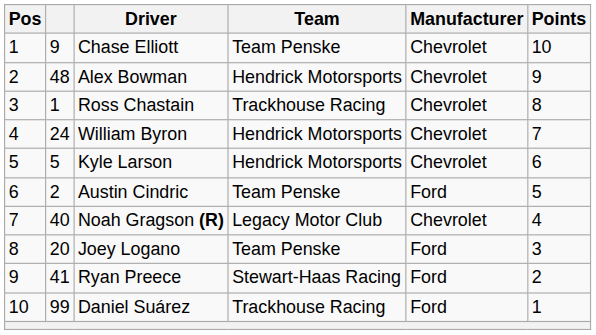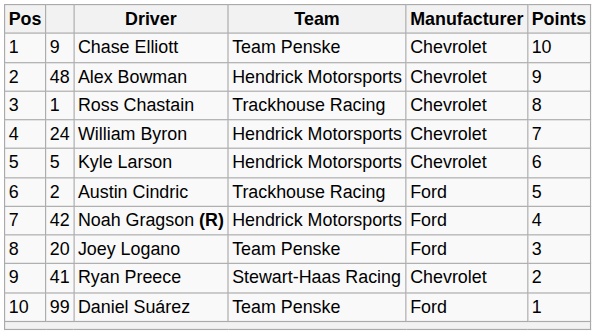 <table class="wikitable" style="font-size:98%">
 <tr>
 <th>Pos</th>
 <th></th>
 <th>Driver</th>
 <th>Team</th>
 <th>Manufacturer</th>
 <th>Points</th>
 </tr>
 <tr>
 <td>1</td>
 <td>9</td>
 <td>Chase Elliott</td>
 <td>Team Penske</td>
 <td>Chevrolet</td>
 <td>10</td>
 </tr>
 <tr>
 <td>2</td>
 <td>48</td>
 <td>Alex Bowman</td>
 <td>Hendrick Motorsports</td>
 <td>Chevrolet</td>
 <td>9</td>
 </tr>
 <tr>
 <td>3</td>
 <td>1</td>
 <td>Ross Chastain</td>
 <td>Trackhouse Racing</td>
 <td>Chevrolet</td>
 <td>8</td>
 </tr>
 <tr>
 <td>4</td>
 <td>24</td>
 <td>William Byron</td>
 <td>Hendrick Motorsports</td>
 <td>Chevrolet</td>
 <td>7</td>
 </tr>
 <tr>
 <td>5</td>
 <td>5</td>
 <td>Kyle Larson</td>
 <td>Hendrick Motorsports</td>
 <td>Chevrolet</td>
 <td>6</td>
 </tr>
 <tr>
 <td>6</td>
 <td>2</td>
 <td>Austin Cindric</td>
-<td>Team Penske</td>
+<td>Trackhouse Racing</td>
 <td>Ford</td>
 <td>5</td>
 </tr>
 <tr>
 <td>7</td>
-<td>40</td>
+<td>42</td>
 <td>Noah Gragson <strong>(R)</strong></td>
-<td>Legacy Motor Club</td>
-<td>Chevrolet</td>
+<td>Hendrick Motorsports</td>
+<td>Ford</td>
 <td>4</td>
 </tr>
 <tr>
 <td>8</td>
 <td>20</td>
 <td>Joey Logano</td>
 <td>Team Penske</td>
 <td>Ford</td>
 <td>3</td>
 </tr>
 <tr>
 <td>9</td>
 <td>41</td>
 <td>Ryan Preece</td>
 <td>Stewart-Haas Racing</td>
-<td>Ford</td>
+<td>Chevrolet</td>
 <td>2</td>
 </tr>
 <tr>
 <td>10</td>
 <td>99</td>
 <td>Daniel Suárez</td>
-<td>Trackhouse Racing</td>
+<td>Team Penske</td>
 <td>Ford</td>
 <td>1</td>
 </tr>
 <tr>
 <th colspan="6"></th>
 </tr>
 </table>
